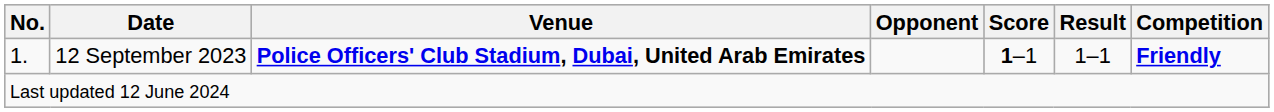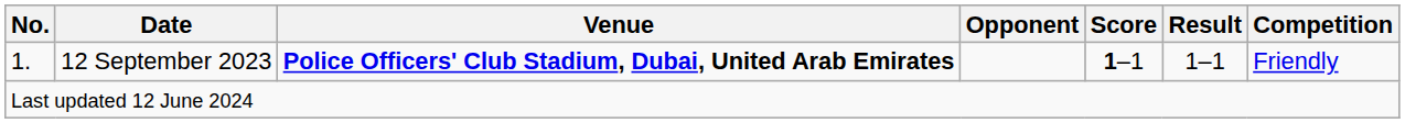 <table class="wikitable" style="font-size:85%;">
 <tr>
 <th>No.</th>
 <th>Date</th>
 <th>Venue</th>
 <th>Opponent</th>
 <th>Score</th>
 <th>Result</th>
 <th>Competition</th>
 </tr>
 <tr>
 <td>1.</td>
 <td>12 September 2023</td>
 <td><strong><a href='#'>Police Officers' Club Stadium</a>, <a href='#'>Dubai</a>, United Arab Emirates</strong></td>
 <td></td>
 <td align=center><strong>1</strong>–1</td>
 <td align=center>1–1</td>
-<td><strong><a href='#'>Friendly</a></strong></td>
+<td><a href='#'>Friendly</a></td>
 </tr>
 <tr>
 <td colspan="7"><small>Last updated 12 June 2024</small></td>
 </tr>
 </table>
